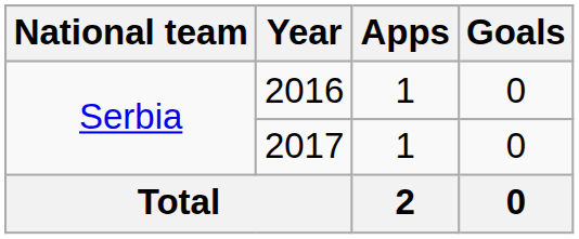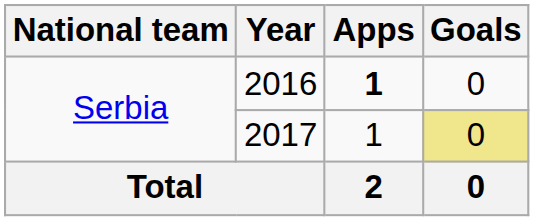 <table class="wikitable" style="text-align:center">
 <tr>
 <th>National team</th>
 <th>Year</th>
 <th>Apps</th>
 <th>Goals</th>
 </tr>
 <tr>
 <td rowspan="2"><a href='#'>Serbia</a></td>
 <td>2016</td>
-<td>1</td>
+<td><strong>1</strong></td>
 <td>0</td>
 </tr>
 <tr>
 <td>2017</td>
 <td>1</td>
-<td>0</td>
+<td style="background: khaki;">0</td>
 </tr>
 <tr>
 <th colspan="2">Total</th>
 <th>2</th>
 <th>0</th>
 </tr>
 </table>
